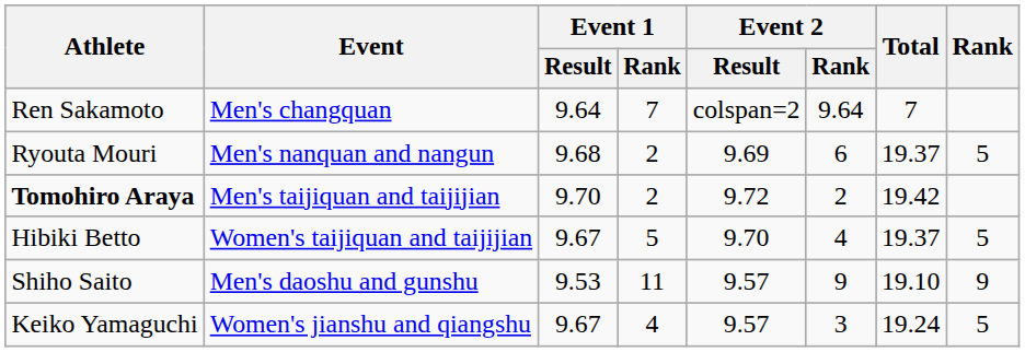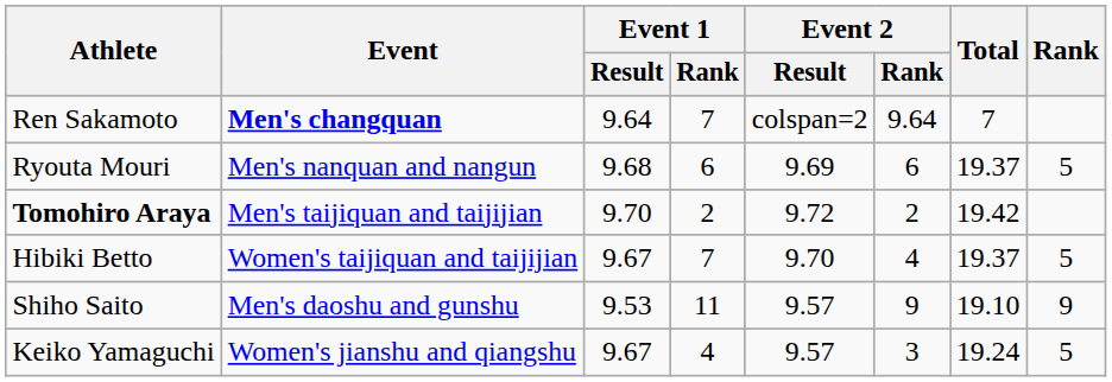 <table class=wikitable style=font-size:90%;text-align:center>
 <tr>
 <th rowspan="2">Athlete</th>
 <th rowspan="2">Event</th>
 <th colspan="2">Event 1</th>
 <th colspan="2">Event 2</th>
 <th rowspan="2">Total</th>
 <th rowspan="2">Rank</th>
 </tr>
 <tr style="font-size:95%">
 <th>Result</th>
 <th>Rank</th>
 <th>Result</th>
 <th>Rank</th>
 </tr>
 <tr>
 <td style="text-align:left">Ren Sakamoto</td>
-<td style="text-align:left"><a href='#'>Men's changquan</a></td>
+<td style="text-align:left"><strong><a href='#'>Men's changquan</a></strong></td>
 <td>9.64</td>
 <td>7</td>
 <td>colspan=2 </td>
 <td>9.64</td>
 <td>7</td>
 </tr>
 <tr>
 <td style="text-align:left">Ryouta Mouri</td>
 <td style="text-align:left"><a href='#'>Men's nanquan and nangun</a></td>
 <td>9.68</td>
-<td>2</td>
+<td>6</td>
 <td>9.69</td>
 <td>6</td>
 <td>19.37</td>
 <td>5</td>
 </tr>
 <tr>
 <td style="text-align:left"><strong>Tomohiro Araya</strong></td>
 <td style="text-align:left"><a href='#'>Men's taijiquan and taijijian</a></td>
 <td>9.70</td>
 <td>2</td>
 <td>9.72</td>
 <td>2</td>
 <td>19.42</td>
 <td></td>
 </tr>
 <tr>
 <td style="text-align:left">Hibiki Betto</td>
 <td style="text-align:left"><a href='#'>Women's taijiquan and taijijian</a></td>
 <td>9.67</td>
-<td>5</td>
+<td>7</td>
 <td>9.70</td>
 <td>4</td>
 <td>19.37</td>
 <td>5</td>
 </tr>
 <tr>
 <td style="text-align:left">Shiho Saito</td>
 <td style="text-align:left"><a href='#'>Men's daoshu and gunshu</a></td>
 <td>9.53</td>
 <td>11</td>
 <td>9.57</td>
 <td>9</td>
 <td>19.10</td>
 <td>9</td>
 </tr>
 <tr>
 <td style="text-align:left">Keiko Yamaguchi</td>
 <td style="text-align:left"><a href='#'>Women's jianshu and qiangshu</a></td>
 <td>9.67</td>
 <td>4</td>
 <td>9.57</td>
 <td>3</td>
 <td>19.24</td>
 <td>5</td>
 </tr>
 </table>
